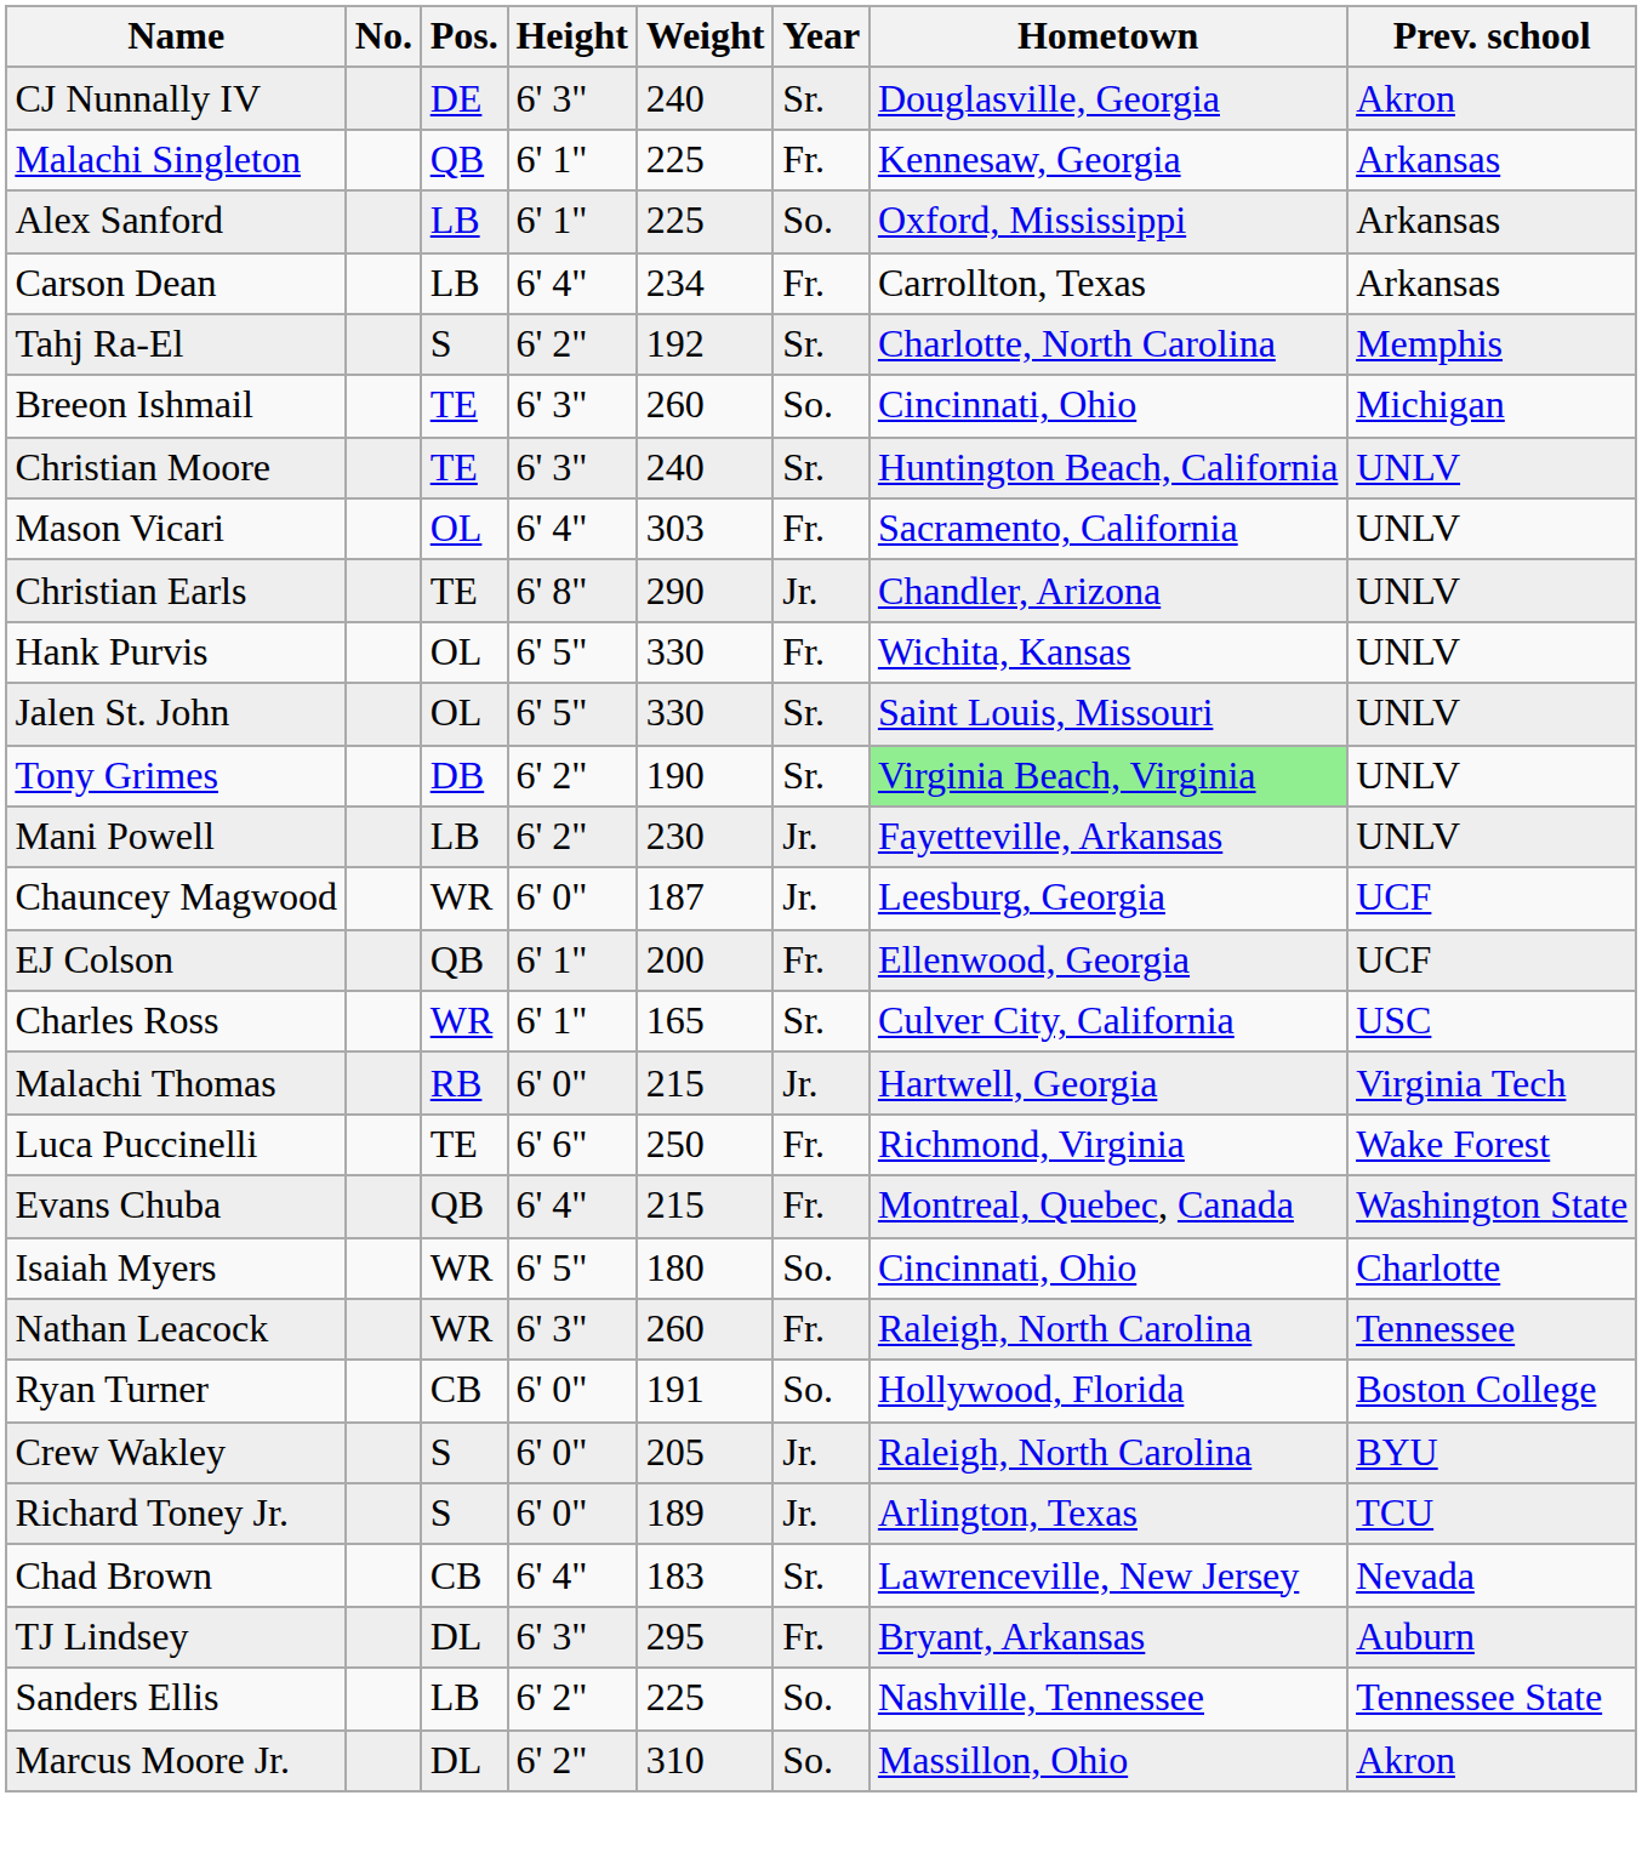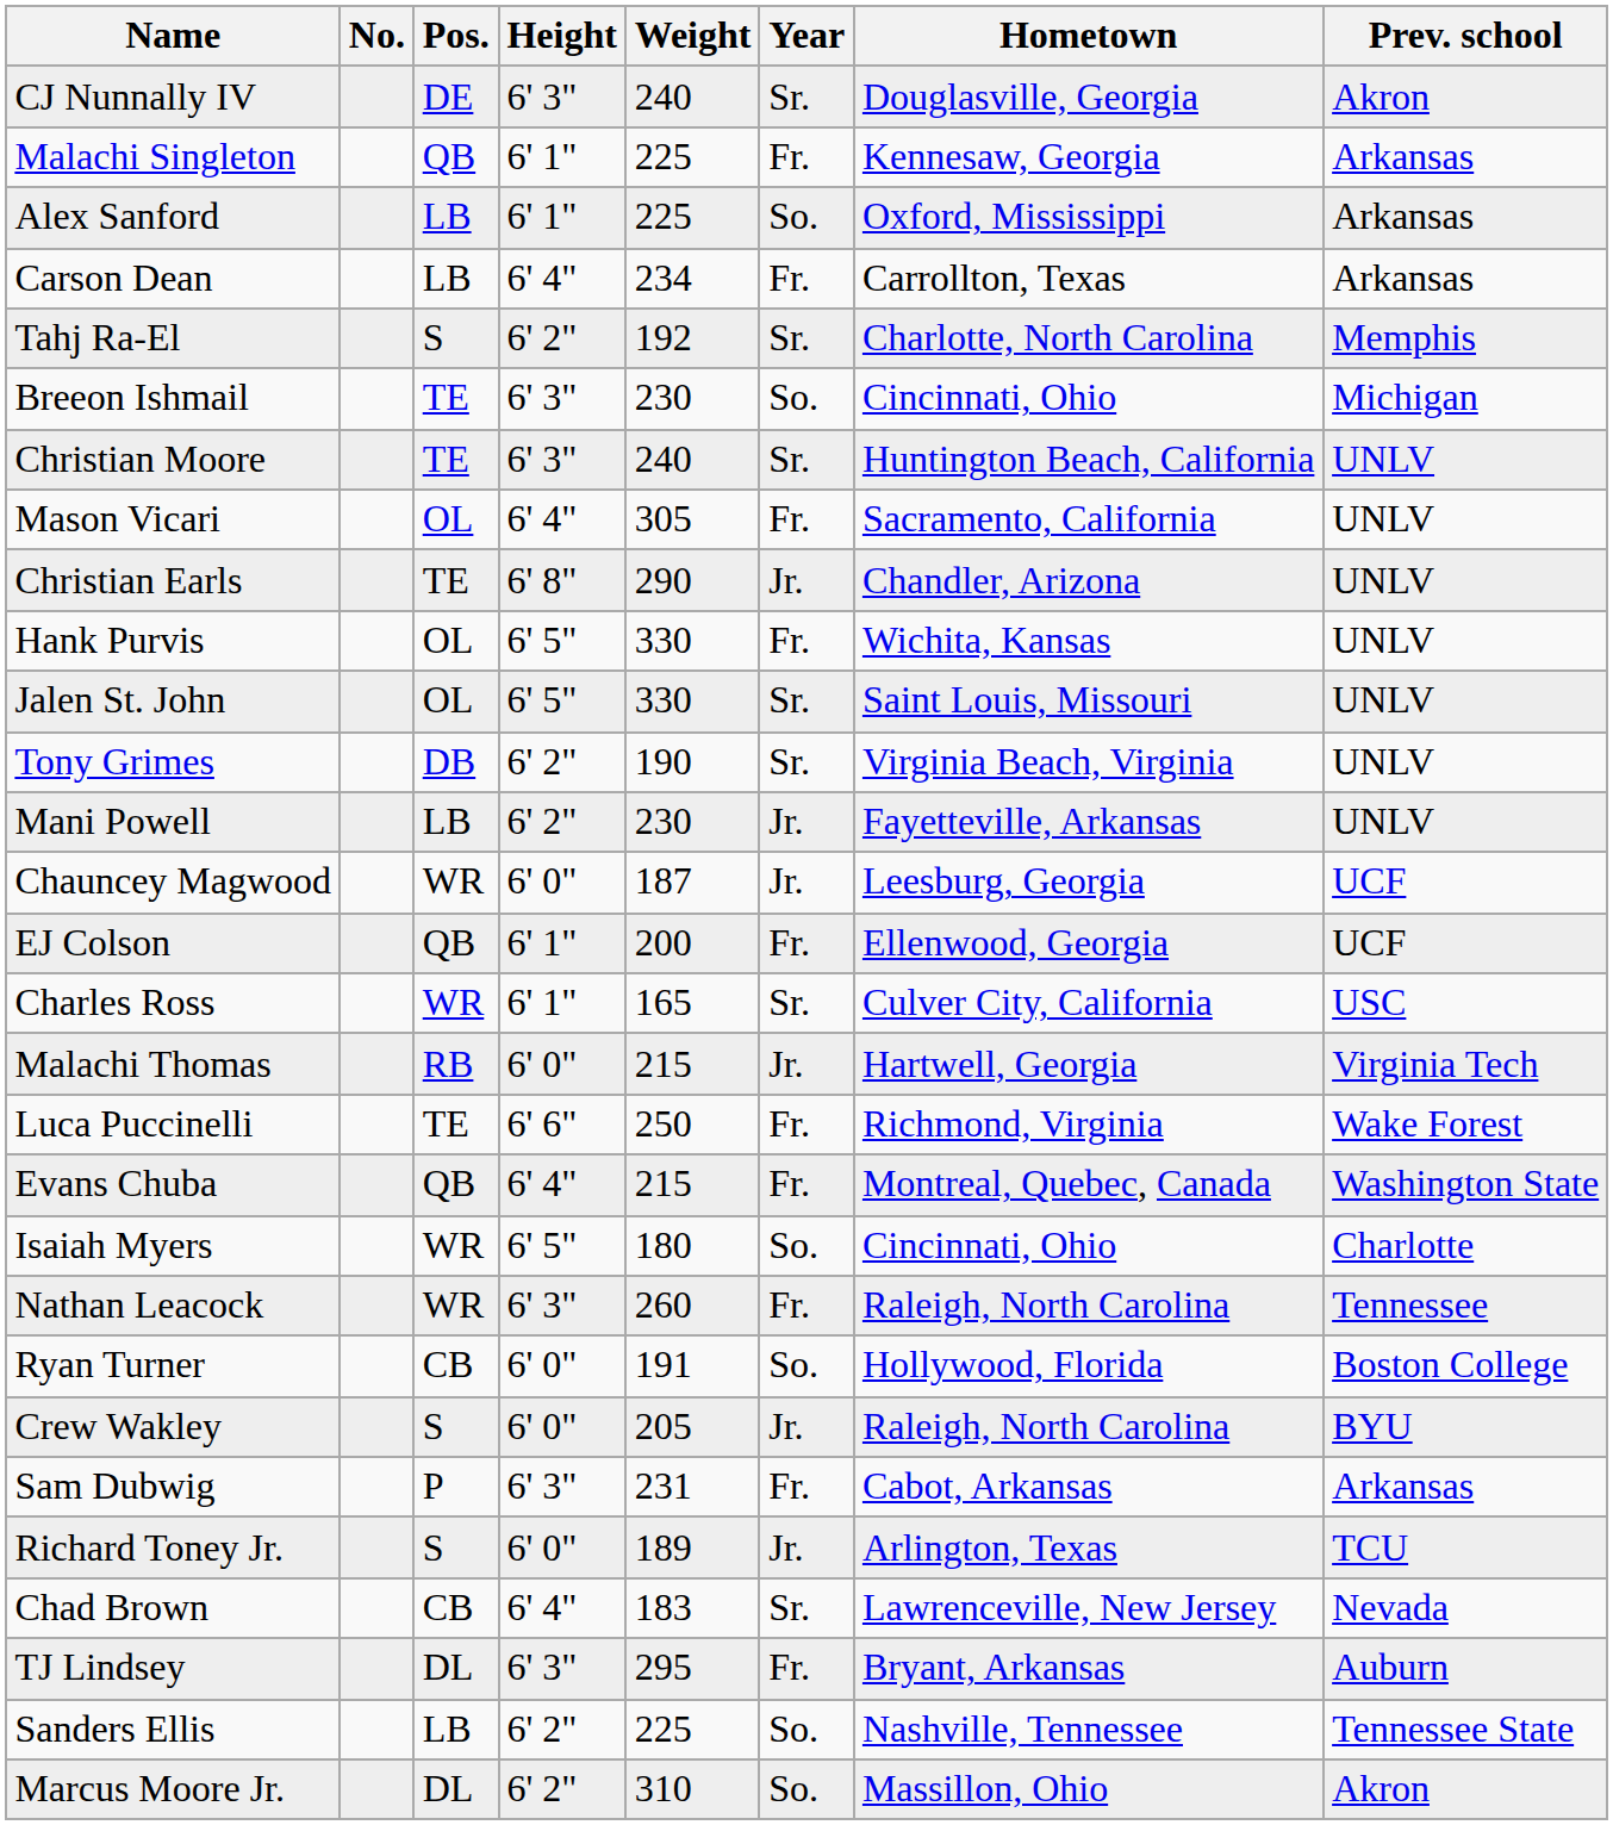 <table class="wikitable sortable" style="text-align:left">
 <tr>
 <th>Name</th>
 <th>No.</th>
 <th>Pos.</th>
 <th>Height</th>
 <th>Weight</th>
 <th>Year</th>
 <th>Hometown</th>
 <th>Prev. school</th>
 </tr>
 <tr style="background:#eeeeee;">
 <td>CJ Nunnally IV</td>
 <td></td>
 <td><a href='#'>DE</a></td>
 <td>6' 3"</td>
 <td>240</td>
 <td>Sr.</td>
 <td><a href='#'>Douglasville, Georgia</a></td>
 <td><a href='#'>Akron</a></td>
 </tr>
 <tr>
 <td><a href='#'>Malachi Singleton</a></td>
 <td></td>
 <td><a href='#'>QB</a></td>
 <td>6' 1"</td>
 <td>225</td>
 <td> Fr.</td>
 <td><a href='#'>Kennesaw, Georgia</a></td>
 <td><a href='#'>Arkansas</a></td>
 </tr>
 <tr style="background:#eeeeee;">
 <td>Alex Sanford</td>
 <td></td>
 <td><a href='#'>LB</a></td>
 <td>6' 1"</td>
 <td>225</td>
 <td>So.</td>
 <td><a href='#'>Oxford, Mississippi</a></td>
 <td>Arkansas</td>
 </tr>
 <tr>
 <td>Carson Dean</td>
 <td></td>
 <td>LB</td>
 <td>6' 4"</td>
 <td>234</td>
 <td> Fr.</td>
 <td>Carrollton, Texas</td>
 <td>Arkansas</td>
 </tr>
 <tr style="background:#eeeeee;">
 <td>Tahj Ra-El</td>
 <td></td>
 <td>S</td>
 <td>6' 2"</td>
 <td>192</td>
 <td>Sr.</td>
 <td><a href='#'>Charlotte, North Carolina</a></td>
 <td><a href='#'>Memphis</a></td>
 </tr>
 <tr>
 </tr>
 <tr>
 <td>Breeon Ishmail</td>
 <td></td>
 <td><a href='#'>TE</a></td>
 <td>6' 3"</td>
-<td>260</td>
+<td>230</td>
 <td>So.</td>
 <td><a href='#'>Cincinnati, Ohio</a></td>
 <td><a href='#'>Michigan</a></td>
 </tr>
 <tr style="background:#eeeeee;">
 <td>Christian Moore</td>
 <td></td>
 <td><a href='#'>TE</a></td>
 <td>6' 3"</td>
 <td>240</td>
 <td>Sr.</td>
 <td><a href='#'>Huntington Beach, California</a></td>
 <td><a href='#'>UNLV</a></td>
 </tr>
 <tr>
 <td>Mason Vicari</td>
 <td></td>
 <td><a href='#'>OL</a></td>
 <td>6' 4"</td>
-<td>303</td>
+<td>305</td>
 <td>Fr.</td>
 <td><a href='#'>Sacramento, California</a></td>
 <td>UNLV</td>
 </tr>
 <tr style="background:#eeeeee;">
 <td>Christian Earls</td>
 <td></td>
 <td>TE</td>
 <td>6' 8"</td>
 <td>290</td>
 <td>Jr.</td>
 <td><a href='#'>Chandler, Arizona</a></td>
 <td>UNLV</td>
 </tr>
 <tr>
 <td>Hank Purvis</td>
 <td></td>
 <td>OL</td>
 <td>6' 5"</td>
 <td>330</td>
 <td>Fr.</td>
 <td><a href='#'>Wichita, Kansas</a></td>
 <td>UNLV</td>
 </tr>
 <tr style="background:#eeeeee;">
 <td>Jalen St. John</td>
 <td></td>
 <td>OL</td>
 <td>6' 5"</td>
 <td>330</td>
 <td> Sr.</td>
 <td><a href='#'>Saint Louis, Missouri</a></td>
 <td>UNLV</td>
 </tr>
 <tr>
 <td><a href='#'>Tony Grimes</a></td>
 <td></td>
 <td><a href='#'>DB</a></td>
 <td>6' 2"</td>
 <td>190</td>
 <td> Sr.</td>
-<td style="background: lightgreen;"><a href='#'>Virginia Beach, Virginia</a></td>
+<td><a href='#'>Virginia Beach, Virginia</a></td>
 <td>UNLV</td>
 </tr>
 <tr style="background:#eeeeee;">
 <td>Mani Powell</td>
 <td></td>
 <td>LB</td>
 <td>6' 2"</td>
 <td>230</td>
 <td>Jr.</td>
 <td><a href='#'>Fayetteville, Arkansas</a></td>
 <td>UNLV</td>
 </tr>
 <tr>
 <td>Chauncey Magwood</td>
 <td></td>
 <td>WR</td>
 <td>6' 0"</td>
 <td>187</td>
 <td> Jr.</td>
 <td><a href='#'>Leesburg, Georgia</a></td>
 <td><a href='#'>UCF</a></td>
 </tr>
 <tr style="background:#eeeeee;">
 <td>EJ Colson</td>
 <td></td>
 <td>QB</td>
 <td>6' 1"</td>
 <td>200</td>
 <td>Fr.</td>
 <td><a href='#'>Ellenwood, Georgia</a></td>
 <td>UCF</td>
 </tr>
 <tr>
 <td>Charles Ross</td>
 <td></td>
 <td><a href='#'>WR</a></td>
 <td>6' 1"</td>
 <td>165</td>
 <td> Sr.</td>
 <td><a href='#'>Culver City, California</a></td>
 <td><a href='#'>USC</a></td>
 </tr>
 <tr style="background:#eeeeee;">
 <td>Malachi Thomas</td>
 <td></td>
 <td><a href='#'>RB</a></td>
 <td>6' 0"</td>
 <td>215</td>
 <td> Jr.</td>
 <td><a href='#'>Hartwell, Georgia</a></td>
 <td><a href='#'>Virginia Tech</a></td>
 </tr>
 <tr>
 <td>Luca Puccinelli</td>
 <td></td>
 <td>TE</td>
 <td>6' 6"</td>
 <td>250</td>
 <td>Fr.</td>
 <td><a href='#'>Richmond, Virginia</a></td>
 <td><a href='#'>Wake Forest</a></td>
 </tr>
 <tr style="background:#eeeeee;">
 <td>Evans Chuba</td>
 <td></td>
 <td>QB</td>
 <td>6' 4"</td>
 <td>215</td>
 <td> Fr.</td>
 <td><a href='#'>Montreal, Quebec</a>, <a href='#'>Canada</a></td>
 <td><a href='#'>Washington State</a></td>
 </tr>
 <tr>
 <td>Isaiah Myers</td>
 <td></td>
 <td>WR</td>
 <td>6' 5"</td>
 <td>180</td>
 <td> So.</td>
 <td><a href='#'>Cincinnati, Ohio</a></td>
 <td><a href='#'>Charlotte</a></td>
 </tr>
 <tr style="background:#eeeeee;">
 <td>Nathan Leacock</td>
 <td></td>
 <td>WR</td>
 <td>6' 3"</td>
 <td>260</td>
 <td>Fr.</td>
 <td><a href='#'>Raleigh, North Carolina</a></td>
 <td><a href='#'>Tennessee</a></td>
 </tr>
 <tr>
 <td>Ryan Turner</td>
 <td></td>
 <td>CB</td>
 <td>6' 0"</td>
 <td>191</td>
 <td> So.</td>
 <td><a href='#'>Hollywood, Florida</a></td>
 <td><a href='#'>Boston College</a></td>
 </tr>
 <tr style="background:#eeeeee;">
 <td>Crew Wakley</td>
 <td></td>
 <td>S</td>
 <td>6' 0"</td>
 <td>205</td>
 <td> Jr.</td>
 <td><a href='#'>Raleigh, North Carolina</a></td>
 <td><a href='#'>BYU</a></td>
 </tr>
+<tr>
+<td>Sam Dubwig</td>
+<td></td>
+<td>P</td>
+<td>6' 3"</td>
+<td>231</td>
+<td>Fr.</td>
+<td><a href='#'>Cabot, Arkansas</a></td>
+<td><a href='#'>Arkansas</a></td>
+</tr>
 <tr style="background:#eeeeee;">
 <td>Richard Toney Jr.</td>
 <td></td>
 <td>S</td>
 <td>6' 0"</td>
 <td>189</td>
 <td> Jr.</td>
 <td><a href='#'>Arlington, Texas</a></td>
 <td><a href='#'>TCU</a></td>
 </tr>
 <tr>
 <td>Chad Brown</td>
 <td></td>
 <td>CB</td>
 <td>6' 4"</td>
 <td>183</td>
 <td> Sr.</td>
 <td><a href='#'>Lawrenceville, New Jersey</a></td>
 <td><a href='#'>Nevada</a></td>
 </tr>
 <tr style="background:#eeeeee;">
 <td>TJ Lindsey</td>
 <td></td>
 <td>DL</td>
 <td>6' 3"</td>
 <td>295</td>
 <td>Fr.</td>
 <td><a href='#'>Bryant, Arkansas</a></td>
 <td><a href='#'>Auburn</a></td>
 </tr>
 <tr>
 <td>Sanders Ellis</td>
 <td></td>
 <td>LB</td>
 <td>6' 2"</td>
 <td>225</td>
 <td>So.</td>
 <td><a href='#'>Nashville, Tennessee</a></td>
 <td><a href='#'>Tennessee State</a></td>
 </tr>
 <tr style="background:#eeeeee;">
 <td>Marcus Moore Jr.</td>
 <td></td>
 <td>DL</td>
 <td>6' 2"</td>
 <td>310</td>
 <td> So.</td>
 <td><a href='#'>Massillon, Ohio</a></td>
 <td><a href='#'>Akron</a></td>
 </tr>
 <tr>
 </tr>
 </table>
